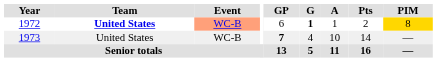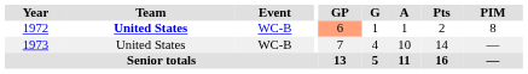 <table border="0" cellpadding="1" cellspacing="0" ID="Table3" style="text-align:center; width:40em">
 <tr bgcolor="#e0e0e0">
 <th>Year</th>
 <th>Team</th>
 <th>Event</th>
 <th rowspan="102" bgcolor="#ffffff"></th>
 <th>GP</th>
 <th>G</th>
 <th>A</th>
 <th>Pts</th>
 <th>PIM</th>
 </tr>
 <tr>
 <td><a href='#'>1972</a></td>
 <td><strong><a href='#'>United States</a></strong></td>
-<td style="background: lightsalmon;"><a href='#'>WC-B</a></td>
-<td>6</td>
-<td><strong>1</strong></td>
+<td><a href='#'>WC-B</a></td>
+<td style="background: lightsalmon;">6</td>
+<td>1</td>
 <td>1</td>
 <td>2</td>
-<td style="background: gold;">8</td>
+<td>8</td>
 </tr>
 <tr bgcolor="#f0f0f0">
 <td><a href='#'>1973</a></td>
 <td>United States</td>
 <td>WC-B</td>
-<td><strong>7</strong></td>
+<td>7</td>
 <td>4</td>
 <td>10</td>
 <td>14</td>
 <td>—</td>
 </tr>
 <tr bgcolor="#e0e0e0">
 <th colspan="4">Senior totals</th>
 <th>13</th>
 <th>5</th>
 <th>11</th>
 <th>16</th>
 <th>—</th>
 </tr>
 </table>
